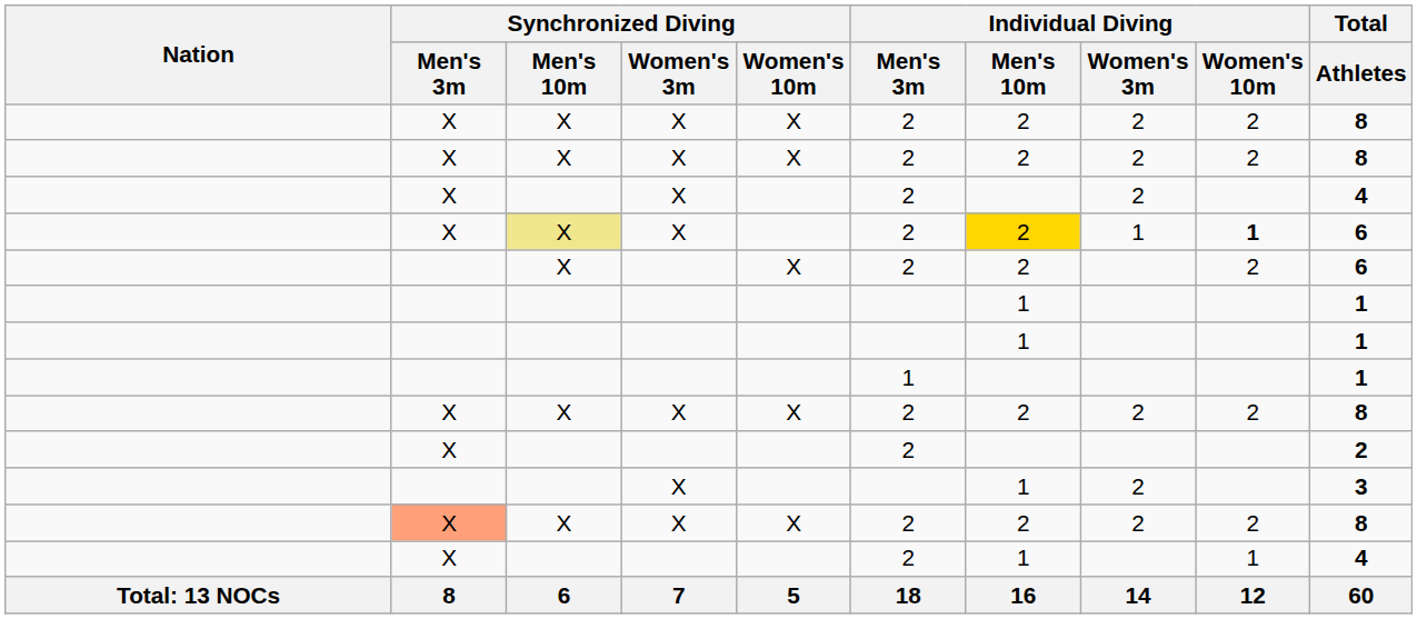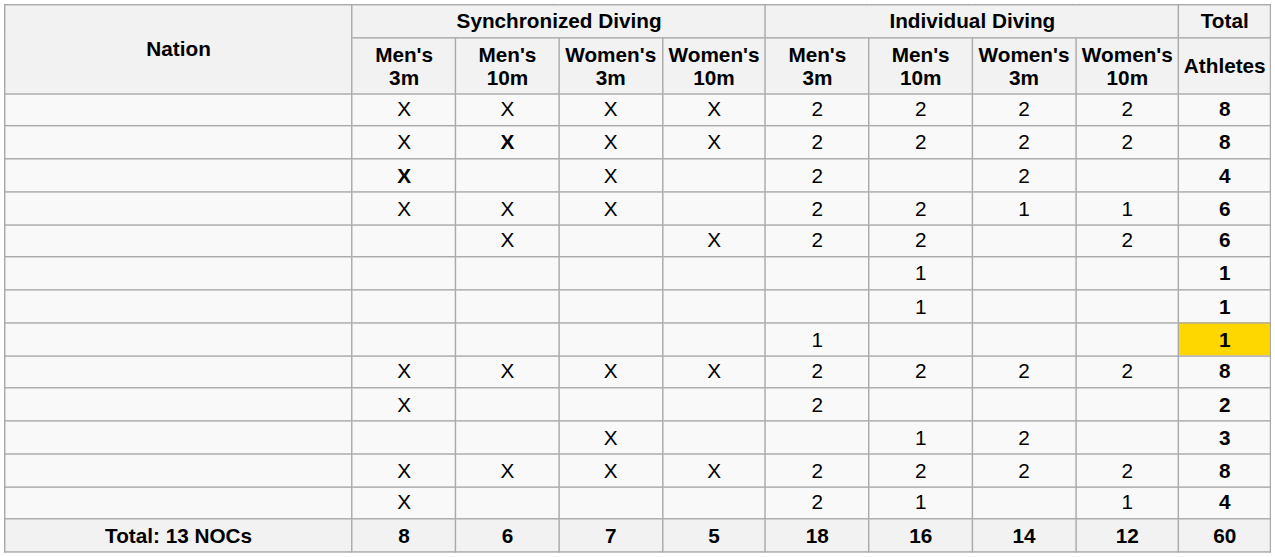 <table class="wikitable" width=880 style="text-align:center; font-size:90%">
 <tr>
 <th rowspan="2" align="left">Nation</th>
 <th colspan="4">Synchronized Diving</th>
 <th colspan="4">Individual Diving</th>
 <th>Total</th>
 </tr>
 <tr>
 <th width=65>Men's<br> 3m</th>
 <th width=65>Men's<br> 10m</th>
 <th width=65>Women's<br> 3m</th>
 <th width=65>Women's<br> 10m</th>
 <th width=65>Men's<br> 3m</th>
 <th width=65>Men's<br> 10m</th>
 <th width=65>Women's<br> 3m</th>
 <th width=65>Women's<br> 10m</th>
 <th width=55>Athletes</th>
 </tr>
 <tr>
 <td align=left></td>
 <td>X</td>
 <td>X</td>
 <td>X</td>
 <td>X</td>
 <td>2</td>
 <td>2</td>
 <td>2</td>
 <td>2</td>
 <td><strong>8</strong></td>
 </tr>
 <tr>
 <td align=left></td>
 <td>X</td>
-<td>X</td>
+<td><strong>X</strong></td>
 <td>X</td>
 <td>X</td>
 <td>2</td>
 <td>2</td>
 <td>2</td>
 <td>2</td>
 <td><strong>8</strong></td>
 </tr>
 <tr>
 <td align=left></td>
-<td>X</td>
+<td><strong>X</strong></td>
 <td></td>
 <td>X</td>
 <td></td>
 <td>2</td>
 <td></td>
 <td>2</td>
 <td></td>
 <td><strong>4</strong></td>
 </tr>
 <tr>
 <td align=left></td>
 <td>X</td>
-<td style="background: khaki;">X</td>
+<td>X</td>
 <td>X</td>
 <td></td>
 <td>2</td>
-<td style="background: gold;">2</td>
+<td>2</td>
 <td>1</td>
-<td><strong>1</strong></td>
+<td>1</td>
 <td><strong>6</strong></td>
 </tr>
 <tr>
 <td align=left></td>
 <td></td>
 <td>X</td>
 <td></td>
 <td>X</td>
 <td>2</td>
 <td>2</td>
 <td></td>
 <td>2</td>
 <td><strong>6</strong></td>
 </tr>
 <tr>
 <td align=left></td>
 <td></td>
 <td></td>
 <td></td>
 <td></td>
 <td></td>
 <td>1</td>
 <td></td>
 <td></td>
 <td><strong>1</strong></td>
 </tr>
 <tr>
 <td align=left></td>
 <td></td>
 <td></td>
 <td></td>
 <td></td>
 <td></td>
 <td>1</td>
 <td></td>
 <td></td>
 <td><strong>1</strong></td>
 </tr>
 <tr>
 <td align=left></td>
 <td></td>
 <td></td>
 <td></td>
 <td></td>
 <td>1</td>
 <td></td>
 <td></td>
 <td></td>
-<td><strong>1</strong></td>
+<td style="background: gold;"><strong>1</strong></td>
 </tr>
 <tr>
 <td align=left></td>
 <td>X</td>
 <td>X</td>
 <td>X</td>
 <td>X</td>
 <td>2</td>
 <td>2</td>
 <td>2</td>
 <td>2</td>
 <td><strong>8</strong></td>
 </tr>
 <tr>
 <td align=left></td>
 <td>X</td>
 <td></td>
 <td></td>
 <td></td>
 <td>2</td>
 <td></td>
 <td></td>
 <td></td>
 <td><strong>2</strong></td>
 </tr>
 <tr>
 <td align=left></td>
 <td></td>
 <td></td>
 <td>X</td>
 <td></td>
 <td></td>
 <td>1</td>
 <td>2</td>
 <td></td>
 <td><strong>3</strong></td>
 </tr>
 <tr>
 <td align=left></td>
-<td style="background: lightsalmon;">X</td>
+<td>X</td>
 <td>X</td>
 <td>X</td>
 <td>X</td>
 <td>2</td>
 <td>2</td>
 <td>2</td>
 <td>2</td>
 <td><strong>8</strong></td>
 </tr>
 <tr>
 <td align=left></td>
 <td>X</td>
 <td></td>
 <td></td>
 <td></td>
 <td>2</td>
 <td>1</td>
 <td></td>
 <td>1</td>
 <td><strong>4</strong></td>
 </tr>
 <tr>
 <th>Total: 13 NOCs</th>
 <th>8</th>
 <th>6</th>
 <th>7</th>
 <th>5</th>
 <th>18</th>
 <th>16</th>
 <th>14</th>
 <th>12</th>
 <th>60</th>
 </tr>
 </table>
